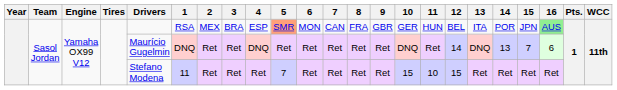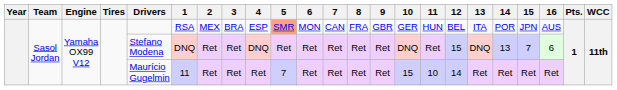 <table class="wikitable" style="text-align:center; font-size:95%">
 <tr>
 <th>Year</th>
 <th>Team</th>
 <th>Engine</th>
 <th>Tires</th>
 <th>Drivers</th>
 <th>1</th>
 <th>2</th>
 <th>3</th>
 <th>4</th>
 <th>5</th>
 <th>6</th>
 <th>7</th>
 <th>8</th>
 <th>9</th>
 <th>10</th>
 <th>11</th>
 <th>12</th>
 <th>13</th>
 <th>14</th>
 <th>15</th>
 <th>16</th>
 <th>Pts.</th>
 <th>WCC</th>
 </tr>
 <tr>
 <th rowspan="3"></th>
 <td rowspan="3"><a href='#'>Sasol</a> <a href='#'>Jordan</a></td>
 <td rowspan="3"><a href='#'>Yamaha</a> OX99<br><a href='#'>V12</a></td>
 <td rowspan="3"></td>
 <td></td>
 <td><a href='#'>RSA</a></td>
 <td><a href='#'>MEX</a></td>
 <td><a href='#'>BRA</a></td>
 <td><a href='#'>ESP</a></td>
 <td style="background: lightsalmon;"><a href='#'>SMR</a></td>
 <td><a href='#'>MON</a></td>
 <td><a href='#'>CAN</a></td>
 <td><a href='#'>FRA</a></td>
 <td><a href='#'>GBR</a></td>
 <td><a href='#'>GER</a></td>
 <td><a href='#'>HUN</a></td>
 <td><a href='#'>BEL</a></td>
 <td><a href='#'>ITA</a></td>
 <td><a href='#'>POR</a></td>
 <td><a href='#'>JPN</a></td>
-<td style="background: lightgreen;"><a href='#'>AUS</a></td>
+<td><a href='#'>AUS</a></td>
 <th rowspan="3"><strong>1</strong></th>
 <th rowspan="3"><strong>11th</strong></th>
 </tr>
 <tr>
-<td align="left"><a href='#'>Maurício Gugelmin</a></td>
+<td align="left"><a href='#'>Stefano Modena</a></td>
 <td style="background:#ffcfcf;">DNQ</td>
 <td style="background:#efcfff;">Ret</td>
 <td style="background:#efcfff;">Ret</td>
 <td style="background:#ffcfcf;">DNQ</td>
 <td style="background:#efcfff;">Ret</td>
 <td style="background:#efcfff;">Ret</td>
 <td style="background:#efcfff;">Ret</td>
 <td style="background:#efcfff;">Ret</td>
 <td style="background:#efcfff;">Ret</td>
 <td style="background:#ffcfcf;">DNQ</td>
 <td style="background:#efcfff;">Ret</td>
-<td style="background:#cfcfff;">14</td>
+<td style="background:#cfcfff;">15</td>
 <td style="background:#ffcfcf;">DNQ</td>
 <td style="background:#cfcfff;">13</td>
 <td style="background:#cfcfff;">7</td>
 <td style="background:#dfffdf;">6</td>
 </tr>
 <tr>
-<td align="left"><a href='#'>Stefano Modena</a></td>
+<td align="left"><a href='#'>Maurício Gugelmin</a></td>
 <td style="background:#cfcfff;">11</td>
 <td style="background:#efcfff;">Ret</td>
 <td style="background:#efcfff;">Ret</td>
 <td style="background:#efcfff;">Ret</td>
 <td style="background:#cfcfff;">7</td>
 <td style="background:#efcfff;">Ret</td>
 <td style="background:#efcfff;">Ret</td>
 <td style="background:#efcfff;">Ret</td>
 <td style="background:#efcfff;">Ret</td>
 <td style="background:#cfcfff;">15</td>
 <td style="background:#cfcfff;">10</td>
-<td style="background:#cfcfff;">15</td>
+<td style="background:#cfcfff;">14</td>
 <td style="background:#efcfff;">Ret</td>
 <td style="background:#efcfff;">Ret</td>
 <td style="background:#efcfff;">Ret</td>
 <td style="background:#efcfff;">Ret</td>
 </tr>
 </table>
